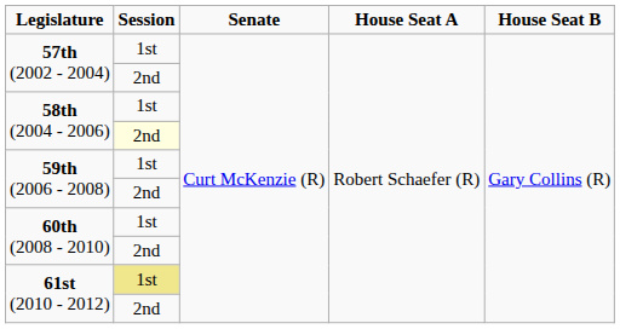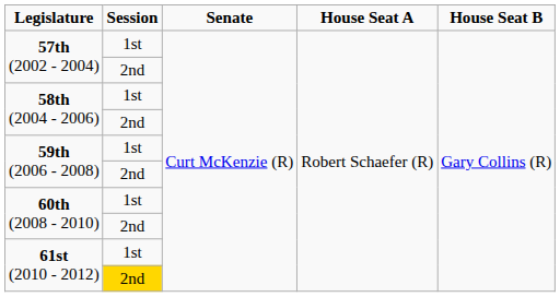 <table class=wikitable style="text-align:center">
 <tr>
 <td><strong>Legislature</strong></td>
 <td><strong>Session</strong></td>
 <td><strong>Senate</strong></td>
 <td><strong>House Seat A</strong></td>
 <td><strong>House Seat B</strong></td>
 </tr>
 <tr>
 <td rowspan="2" colspan="1" style="text-align: center;"><strong>57th</strong> <br> (2002 - 2004)</td>
 <td>1st</td>
 <td rowspan="10" colspan="1" style="text-align: center;" ><a href='#'>Curt McKenzie</a> (R)</td>
 <td rowspan="10" colspan="1" style="text-align: center;" >Robert Schaefer (R)</td>
 <td rowspan="10" colspan="1" style="text-align: center;" ><a href='#'>Gary Collins</a> (R)</td>
 </tr>
 <tr>
 <td>2nd</td>
 </tr>
 <tr>
 <td rowspan="2" colspan="1" style="text-align: center;"><strong>58th</strong> <br> (2004 - 2006)</td>
 <td>1st</td>
 </tr>
 <tr>
-<td style="background: lightyellow;">2nd</td>
+<td>2nd</td>
 </tr>
 <tr>
 <td rowspan="2" colspan="1" style="text-align: center;"><strong>59th</strong> <br> (2006 - 2008)</td>
 <td>1st</td>
 </tr>
 <tr>
 <td>2nd</td>
 </tr>
 <tr>
 <td rowspan="2" colspan="1" style="text-align: center;"><strong>60th</strong> <br> (2008 - 2010)</td>
 <td>1st</td>
 </tr>
 <tr>
 <td>2nd</td>
 </tr>
 <tr>
 <td rowspan="2" colspan="1" style="text-align: center;"><strong>61st</strong> <br> (2010 - 2012)</td>
-<td style="background: khaki;">1st</td>
+<td>1st</td>
 </tr>
 <tr>
-<td>2nd</td>
+<td style="background: gold;">2nd</td>
 </tr>
 </table>
